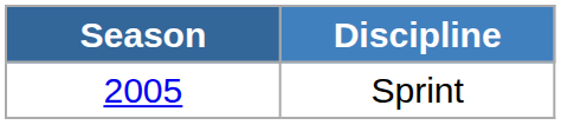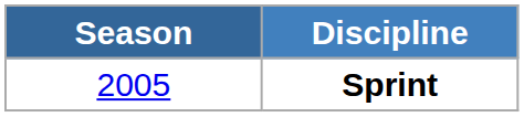 <table class="wikitable" style="font-size:95%; text-align:center; border:grey solid 1px; border-collapse:collapse; background:#ffffff;">
 <tr style="background-color:#369; color:white;">
 <td rowspan="2" colspan="1" style="width:110px"><strong>Season</strong></td>
 </tr>
 <tr style="background-color:#4180be; color:white;">
 <td style="width:110px"><strong>Discipline</strong></td>
 </tr>
 <tr>
 <td align=center><a href='#'>2005</a></td>
-<td align=center>Sprint</td>
+<td align=center><strong>Sprint</strong></td>
 </tr>
 </table>
